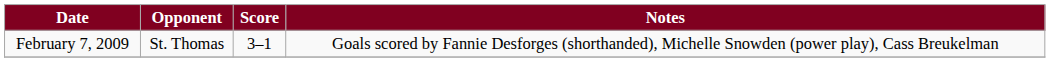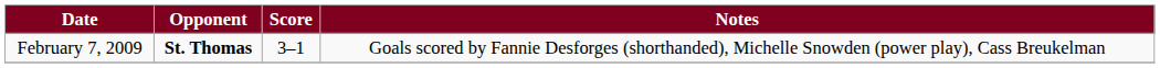 <table class="wikitable" width="80%">
 <tr align="center"  style=" background:#800020;color:#ffffff;">
 <td><strong>Date</strong></td>
 <td><strong>Opponent</strong></td>
 <td><strong>Score</strong></td>
 <td><strong>Notes</strong></td>
 </tr>
 <tr align="center" bgcolor="">
 <td>February 7, 2009</td>
-<td>St. Thomas</td>
+<td><strong>St. Thomas</strong></td>
 <td>3–1</td>
 <td>Goals scored by Fannie Desforges (shorthanded), Michelle Snowden (power play), Cass Breukelman</td>
 </tr>
 <tr align="center" bgcolor="">
 </tr>
 </table>
